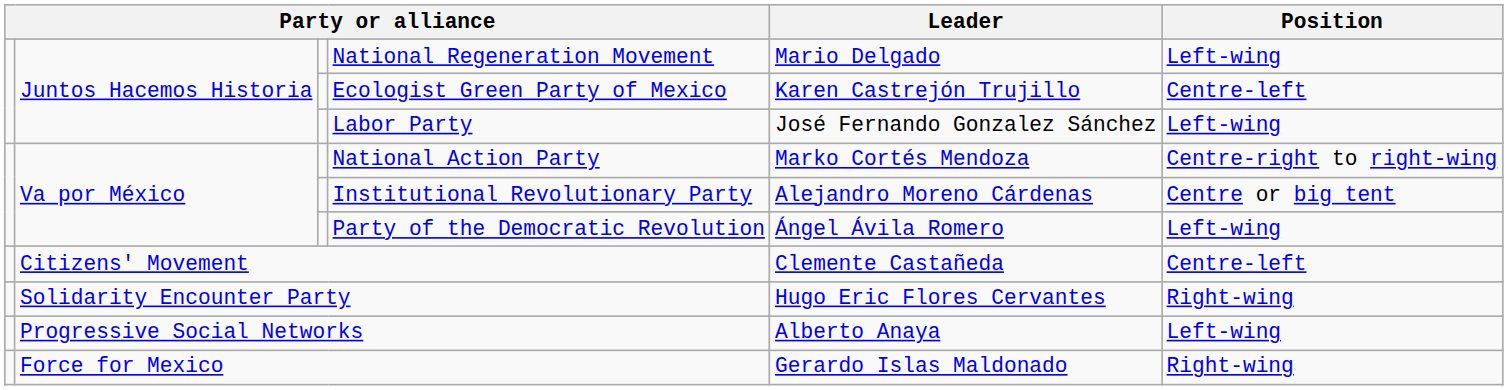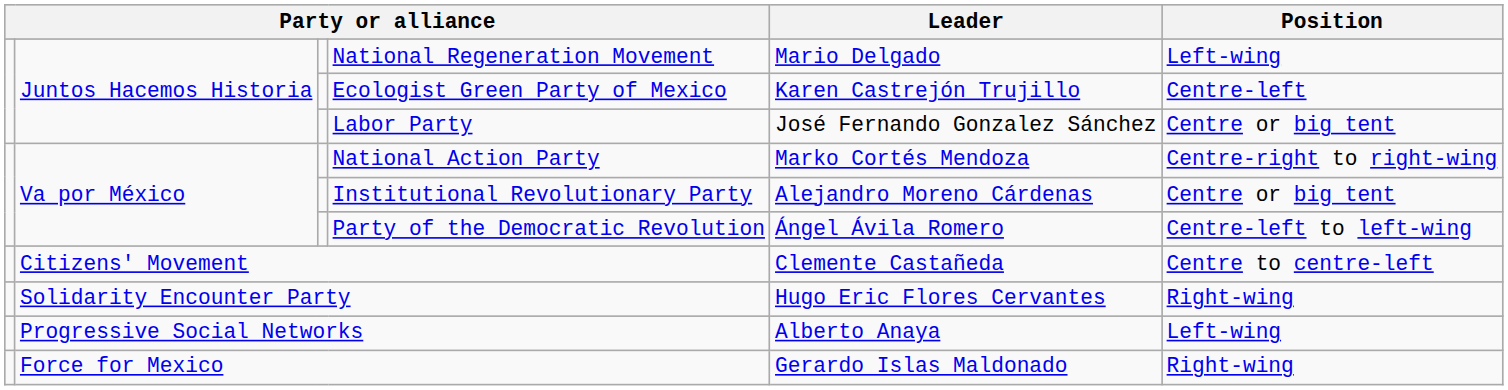 <table class="wikitable">
 <tr>
 <th colspan="4">Party or alliance</th>
 <th>Leader</th>
 <th>Position</th>
 </tr>
 <tr>
 <td rowspan="3" style="background:"></td>
 <td rowspan="3"><a href='#'>Juntos Hacemos Historia</a></td>
 <td style="background:"></td>
 <td><a href='#'>National Regeneration Movement</a></td>
 <td><a href='#'>Mario Delgado</a></td>
 <td><a href='#'>Left-wing</a></td>
 </tr>
 <tr>
 <td style="background:"></td>
 <td><a href='#'>Ecologist Green Party of Mexico</a></td>
 <td><a href='#'>Karen Castrejón Trujillo</a></td>
 <td><a href='#'>Centre-left</a></td>
 </tr>
 <tr>
 <td style="background:"></td>
 <td><a href='#'>Labor Party</a></td>
 <td>José Fernando Gonzalez Sánchez</td>
-<td><a href='#'>Left-wing</a></td>
+<td><a href='#'>Centre</a> or <a href='#'>big tent</a></td>
 </tr>
 <tr>
 <td rowspan="3" style="background:"></td>
 <td rowspan="3"><a href='#'>Va por México</a></td>
 <td style="background:"></td>
 <td><a href='#'>National Action Party</a></td>
 <td><a href='#'>Marko Cortés Mendoza</a></td>
 <td><a href='#'>Centre-right</a> to <a href='#'>right-wing</a></td>
 </tr>
 <tr>
 <td style="background:"></td>
 <td><a href='#'>Institutional Revolutionary Party</a></td>
 <td><a href='#'>Alejandro Moreno Cárdenas</a></td>
 <td><a href='#'>Centre</a> or <a href='#'>big tent</a></td>
 </tr>
 <tr>
 <td style="background:"></td>
 <td><a href='#'>Party of the Democratic Revolution</a></td>
 <td><a href='#'>Ángel Ávila Romero</a></td>
-<td><a href='#'>Left-wing</a></td>
+<td><a href='#'>Centre-left</a> to <a href='#'>left-wing</a></td>
 </tr>
 <tr>
 <td style="background:"></td>
 <td colspan="3"><a href='#'>Citizens' Movement</a></td>
 <td><a href='#'>Clemente Castañeda</a></td>
-<td><a href='#'>Centre-left</a></td>
+<td><a href='#'>Centre</a> to <a href='#'>centre-left</a></td>
 </tr>
 <tr>
 <td style="background:"></td>
 <td colspan="3"><a href='#'>Solidarity Encounter Party</a></td>
 <td><a href='#'>Hugo Eric Flores Cervantes</a></td>
 <td><a href='#'>Right-wing</a></td>
 </tr>
 <tr>
 <td style="background:"></td>
 <td colspan="3"><a href='#'>Progressive Social Networks</a></td>
 <td><a href='#'>Alberto Anaya</a></td>
 <td><a href='#'>Left-wing</a></td>
 </tr>
 <tr>
 <td style="background:"></td>
 <td colspan="3"><a href='#'>Force for Mexico</a></td>
 <td><a href='#'>Gerardo Islas Maldonado</a></td>
 <td><a href='#'>Right-wing</a></td>
 </tr>
 </table>
